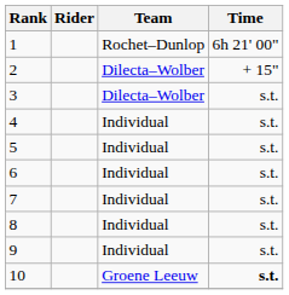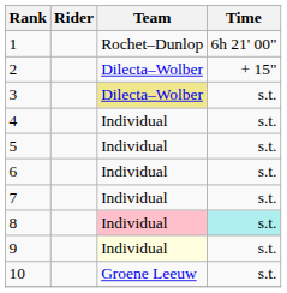 <table class="wikitable">
 <tr>
 <th scope="col">Rank</th>
 <th scope="col">Rider</th>
 <th scope="col">Team</th>
 <th scope="col">Time</th>
 </tr>
 <tr>
 <td>1</td>
 <td></td>
 <td>Rochet–Dunlop</td>
 <td>6h 21' 00"</td>
 </tr>
 <tr>
 <td>2</td>
 <td></td>
 <td><a href='#'>Dilecta–Wolber</a></td>
 <td align=right>+ 15"</td>
 </tr>
 <tr>
 <td>3</td>
 <td></td>
-<td><a href='#'>Dilecta–Wolber</a></td>
+<td style="background: khaki;"><a href='#'>Dilecta–Wolber</a></td>
 <td align=right>s.t.</td>
 </tr>
 <tr>
 <td>4</td>
 <td></td>
 <td>Individual</td>
 <td align=right>s.t.</td>
 </tr>
 <tr>
 <td>5</td>
 <td></td>
 <td>Individual</td>
 <td align=right>s.t.</td>
 </tr>
 <tr>
 <td>6</td>
 <td></td>
 <td>Individual</td>
 <td align=right>s.t.</td>
 </tr>
 <tr>
 <td>7</td>
 <td></td>
 <td>Individual</td>
 <td align=right>s.t.</td>
 </tr>
 <tr>
 <td>8</td>
 <td></td>
-<td>Individual</td>
-<td align=right>s.t.</td>
+<td style="background: pink;">Individual</td>
+<td align=right style="background: paleturquoise;">s.t.</td>
 </tr>
 <tr>
 <td>9</td>
 <td></td>
-<td>Individual</td>
+<td style="background: lightyellow;">Individual</td>
 <td align=right>s.t.</td>
 </tr>
 <tr>
 <td>10</td>
 <td></td>
 <td><a href='#'>Groene Leeuw</a></td>
-<td align=right><strong>s.t.</strong></td>
+<td align=right>s.t.</td>
 </tr>
 <tr>
 </tr>
 </table>
